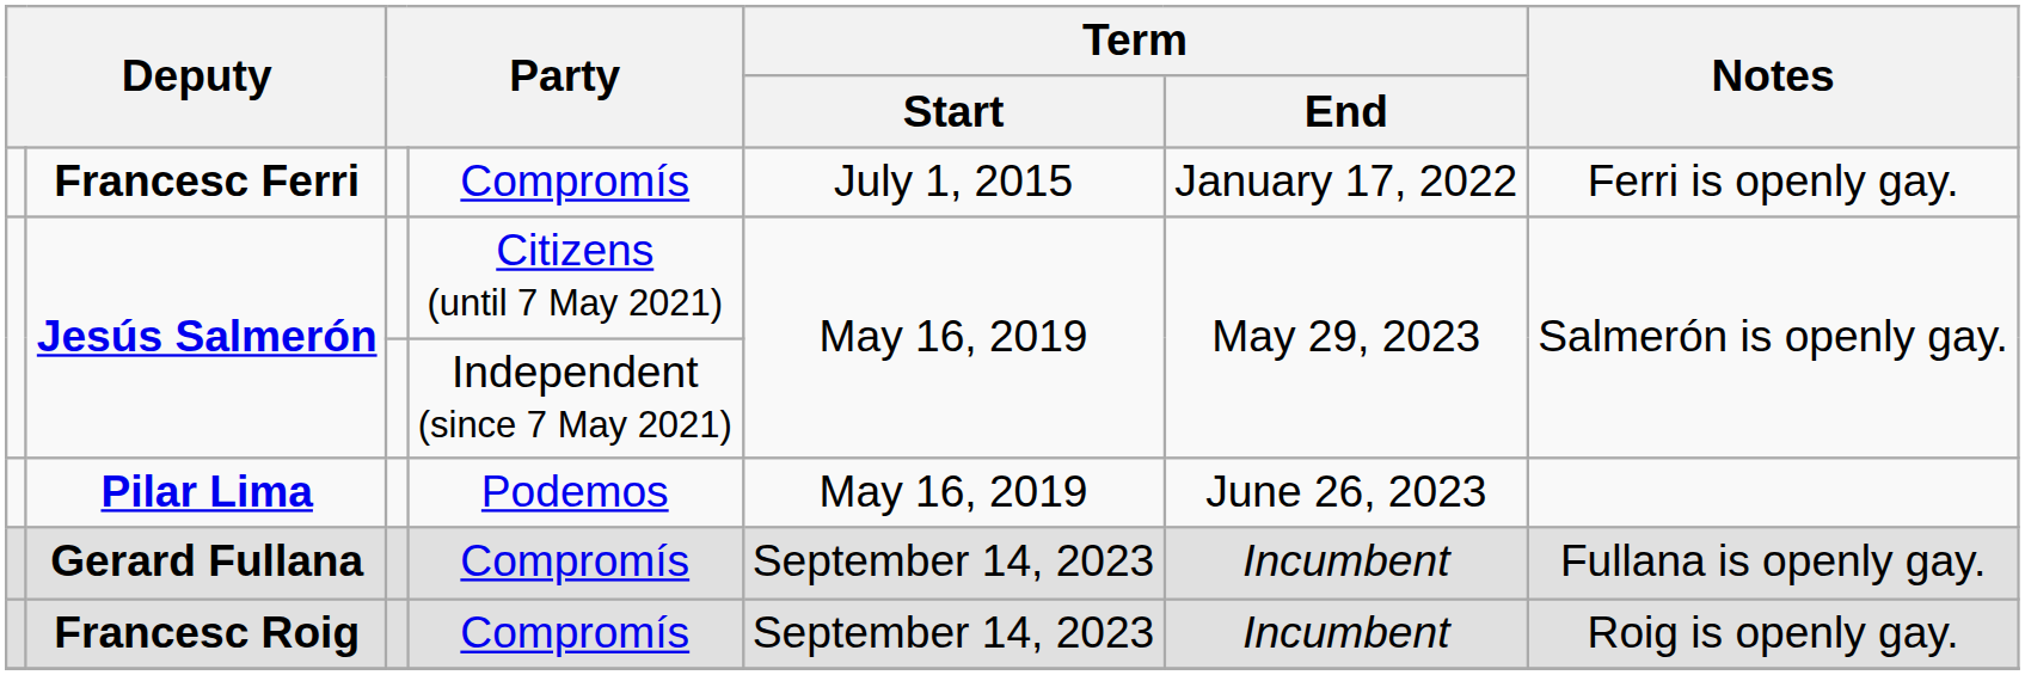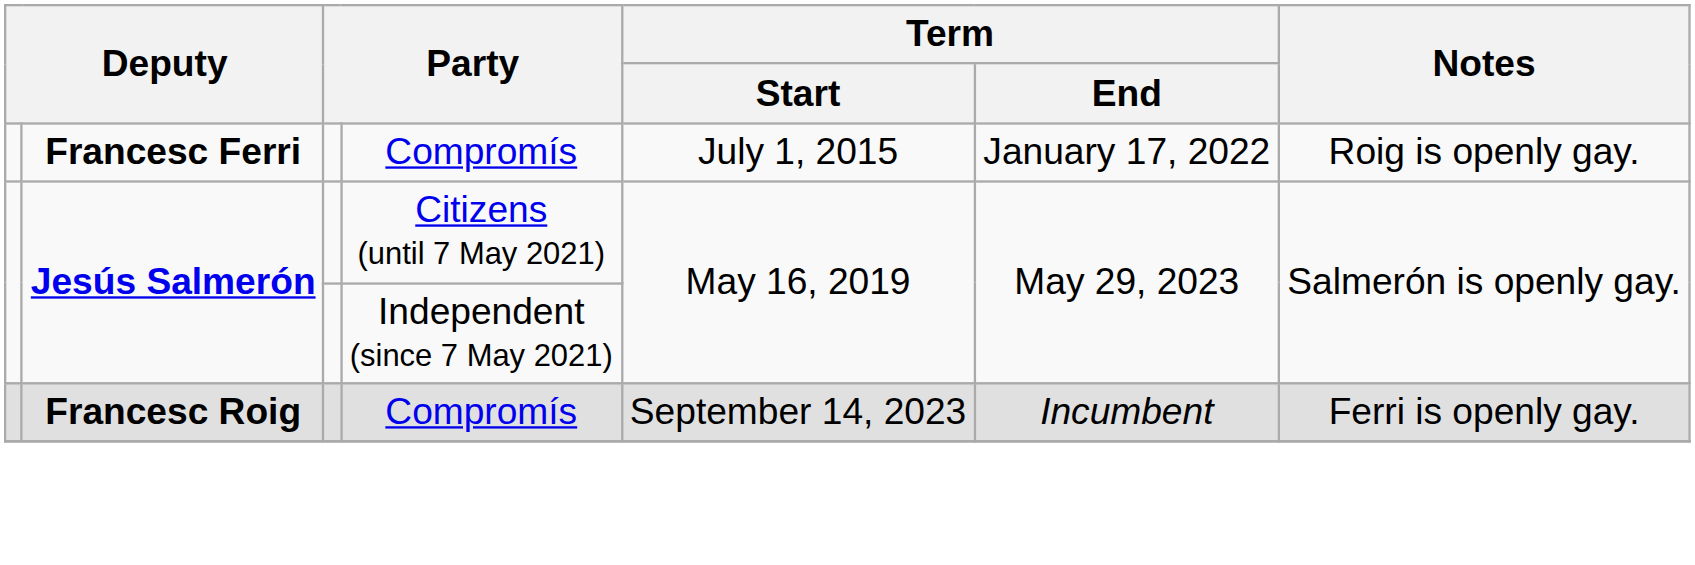 <table class="wikitable sortable" style="text-align:center">
 <tr>
 <th colspan="2" rowspan="2">Deputy</th>
 <th colspan="2" rowspan="2">Party</th>
 <th colspan="2">Term</th>
 <th rowspan="2">Notes</th>
 </tr>
 <tr>
 <th>Start</th>
 <th>End</th>
 </tr>
 <tr>
 <td></td>
 <td><strong>Francesc Ferri</strong></td>
 <td style="background-color:"></td>
 <td><a href='#'>Compromís</a></td>
 <td>July 1, 2015</td>
 <td>January 17, 2022</td>
-<td>Ferri is openly gay.</td>
+<td>Roig is openly gay.</td>
 </tr>
 <tr>
 <td rowspan="2"></td>
 <td rowspan="2"><strong><a href='#'>Jesús Salmerón</a></strong></td>
 <td style="background-color:"></td>
 <td><a href='#'>Citizens</a><br><small>(until 7 May 2021)</small></td>
 <td rowspan="2">May 16, 2019</td>
 <td rowspan="2">May 29, 2023</td>
 <td rowspan="2">Salmerón is openly gay.</td>
 </tr>
 <tr>
 <td style="background-color:"></td>
 <td>Independent<br><small>(since 7 May 2021)</small></td>
 </tr>
-<tr>
-<td></td>
-<td><strong><a href='#'>Pilar Lima</a></strong></td>
-<td style="background-color:"></td>
-<td><a href='#'>Podemos</a></td>
-<td>May 16, 2019</td>
-<td>June 26, 2023</td>
-<td></td>
-</tr>
-<tr style="background:#e0e0e0">
-<td></td>
-<td><strong>Gerard Fullana</strong></td>
-<td style="background-color:"></td>
-<td><a href='#'>Compromís</a></td>
-<td>September 14, 2023</td>
-<td><em>Incumbent</em></td>
-<td>Fullana is openly gay.</td>
-</tr>
 <tr style="background:#e0e0e0">
 <td></td>
 <td><strong>Francesc Roig</strong></td>
 <td style="background-color:"></td>
 <td><a href='#'>Compromís</a></td>
 <td>September 14, 2023</td>
 <td><em>Incumbent</em></td>
-<td>Roig is openly gay.</td>
+<td>Ferri is openly gay.</td>
 </tr>
 <tr>
 </tr>
 </table>
